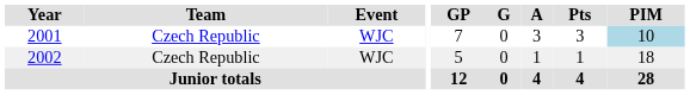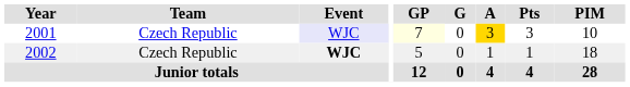 <table border="0" cellpadding="1" cellspacing="0" ID="Table3" style="text-align:center; width:40em">
 <tr ALIGN="center" bgcolor="#e0e0e0">
 <th>Year</th>
 <th>Team</th>
 <th>Event</th>
 <th rowspan="99" bgcolor="#ffffff"></th>
 <th>GP</th>
 <th>G</th>
 <th>A</th>
 <th>Pts</th>
 <th>PIM</th>
 </tr>
 <tr>
 <td><a href='#'>2001</a></td>
 <td><a href='#'>Czech Republic</a></td>
-<td><a href='#'>WJC</a></td>
-<td>7</td>
+<td style="background: lavender;"><a href='#'>WJC</a></td>
+<td style="background: lightyellow;">7</td>
 <td>0</td>
+<td style="background: gold;">3</td>
 <td>3</td>
-<td>3</td>
-<td style="background: lightblue;">10</td>
+<td>10</td>
 </tr>
 <tr bgcolor="#f0f0f0">
 <td><a href='#'>2002</a></td>
 <td>Czech Republic</td>
-<td>WJC</td>
+<td><strong>WJC</strong></td>
 <td>5</td>
 <td>0</td>
 <td>1</td>
 <td>1</td>
 <td>18</td>
 </tr>
 <tr bgcolor="#e0e0e0">
 <th colspan="3">Junior totals</th>
 <th>12</th>
 <th>0</th>
 <th>4</th>
 <th>4</th>
 <th>28</th>
 </tr>
 </table>
